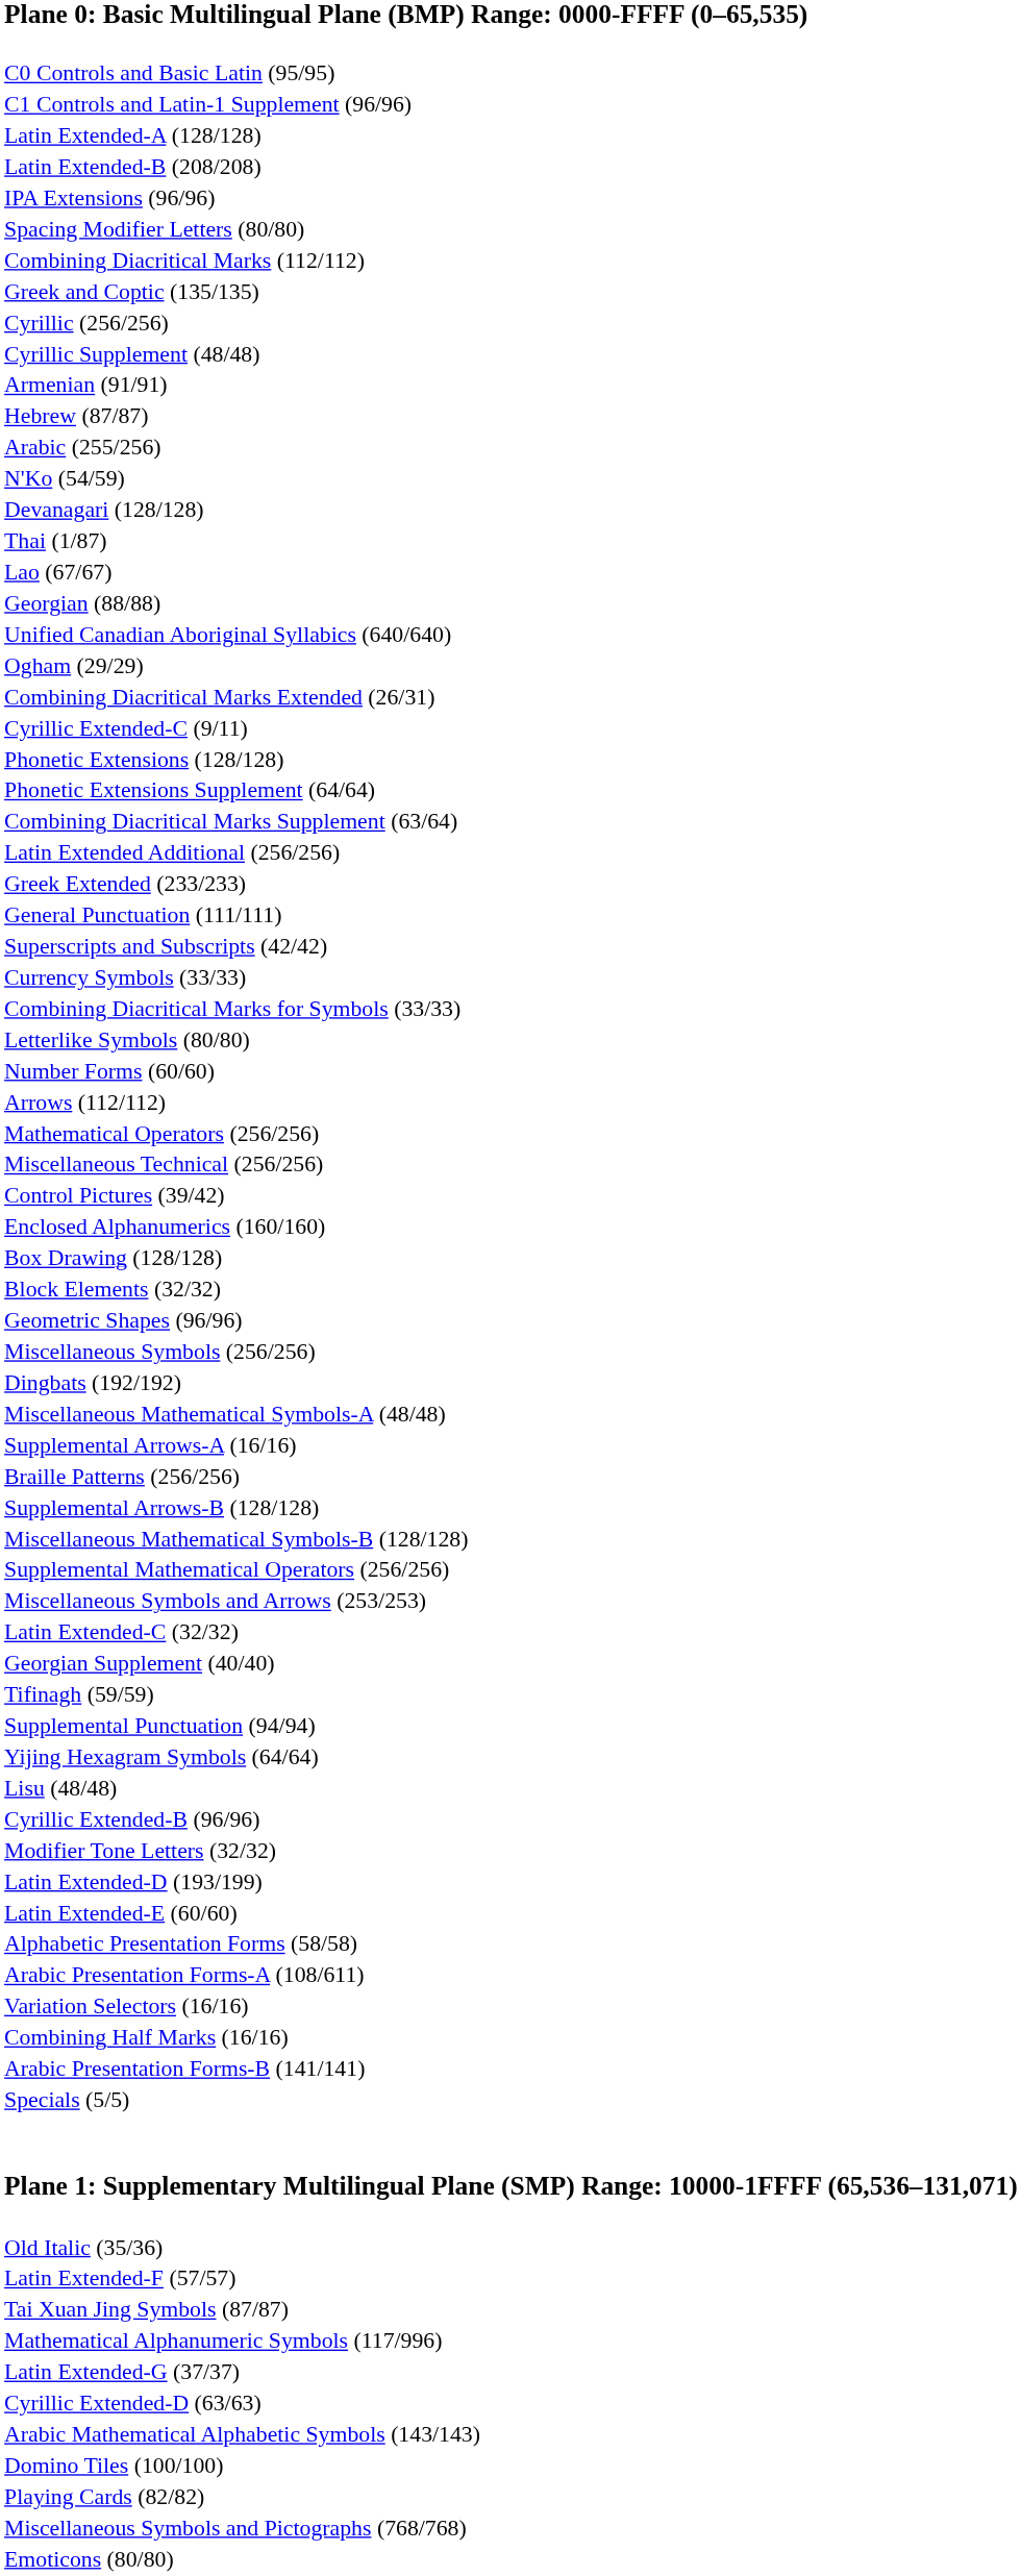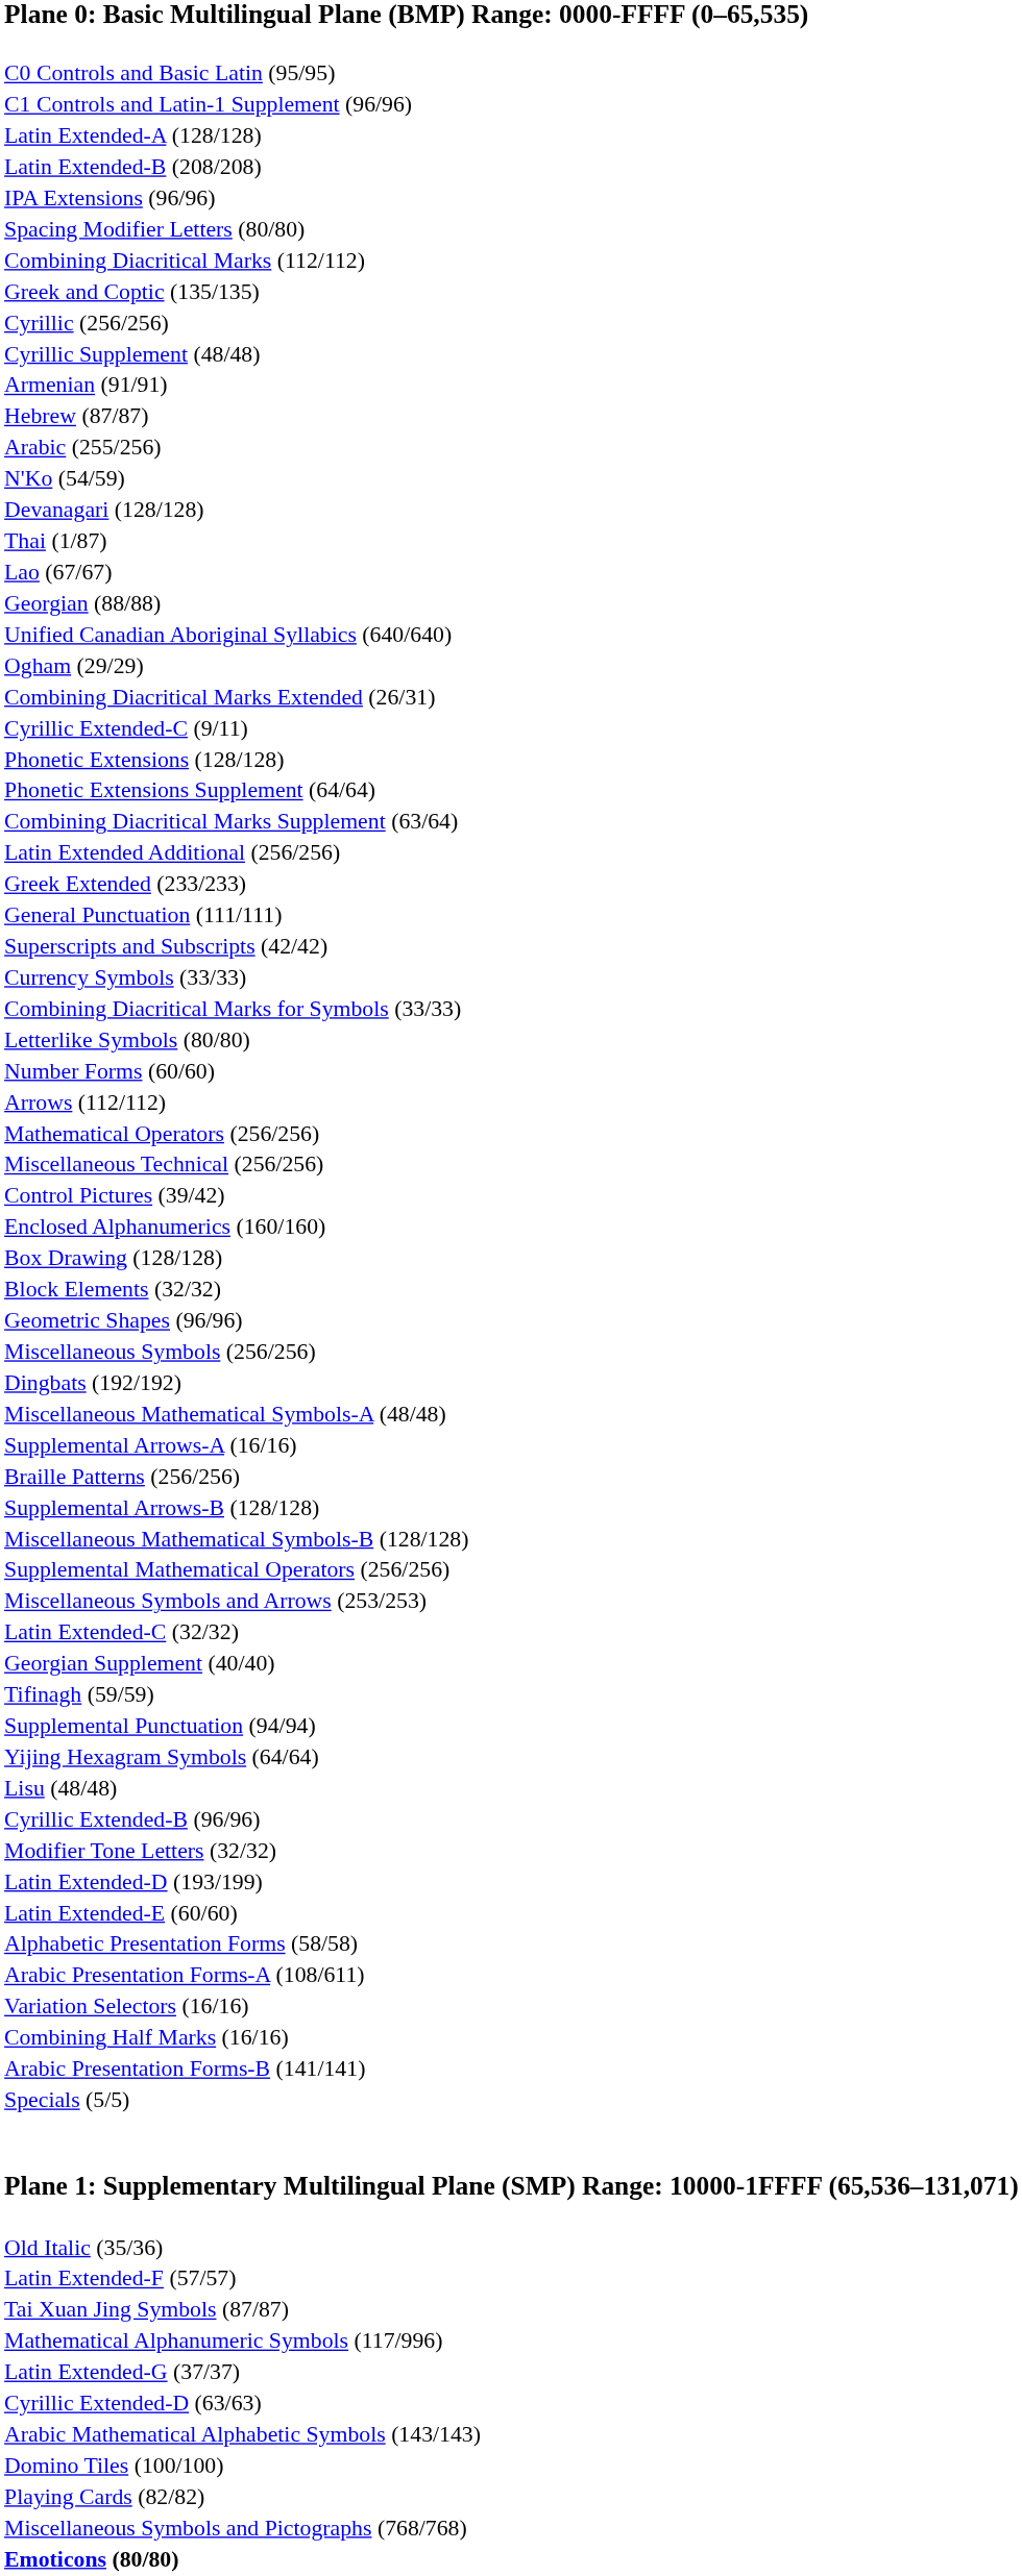 <table>
 <tr>
 <td colspan=3><br><h3>Plane 0: Basic Multilingual Plane (BMP) Range: 0000-FFFF (0–65,535)</h3></td>
 </tr>
 <tr>
 <td><a href='#'>C0 Controls and Basic Latin</a> (95/95)</td>
 <td style='text-align:right'></td>
 </tr>
 <tr>
 <td><a href='#'>C1 Controls and Latin-1 Supplement</a> (96/96)</td>
 <td style='text-align:right'></td>
 </tr>
 <tr>
 <td><a href='#'>Latin Extended-A</a> (128/128)</td>
 <td style='text-align:right'></td>
 </tr>
 <tr>
 <td><a href='#'>Latin Extended-B</a> (208/208)</td>
 <td style='text-align:right'></td>
 </tr>
 <tr>
 <td><a href='#'>IPA Extensions</a> (96/96)</td>
 <td style='text-align:right'></td>
 </tr>
 <tr>
 <td><a href='#'>Spacing Modifier Letters</a> (80/80)</td>
 <td style='text-align:right'></td>
 </tr>
 <tr>
 <td><a href='#'>Combining Diacritical Marks</a> (112/112)</td>
 <td style='text-align:right'></td>
 </tr>
 <tr>
 <td><a href='#'>Greek and Coptic</a> (135/135)</td>
 <td style='text-align:right'></td>
 </tr>
 <tr>
 <td><a href='#'>Cyrillic</a> (256/256)</td>
 <td style='text-align:right'></td>
 </tr>
 <tr>
 <td><a href='#'>Cyrillic Supplement</a> (48/48)</td>
 <td style='text-align:right'></td>
 </tr>
 <tr>
 <td><a href='#'>Armenian</a> (91/91)</td>
 <td style='text-align:right'></td>
 </tr>
 <tr>
 <td><a href='#'>Hebrew</a> (87/87)</td>
 <td style='text-align:right'></td>
 </tr>
 <tr>
 <td><a href='#'>Arabic</a> (255/256)</td>
 <td style='text-align:right'></td>
 </tr>
 <tr>
 <td><a href='#'>N'Ko</a> (54/59)</td>
 <td style='text-align:right'></td>
 </tr>
 <tr>
 <td><a href='#'>Devanagari</a> (128/128)</td>
 <td style='text-align:right'></td>
 </tr>
 <tr>
 <td><a href='#'>Thai</a> (1/87)</td>
 <td style='text-align:right'></td>
 </tr>
 <tr>
 <td><a href='#'>Lao</a> (67/67)</td>
 <td style='text-align:right'></td>
 </tr>
 <tr>
 <td><a href='#'>Georgian</a> (88/88)</td>
 <td style='text-align:right'></td>
 </tr>
 <tr>
 <td><a href='#'>Unified Canadian Aboriginal Syllabics</a> (640/640)</td>
 <td style='text-align:right'></td>
 </tr>
 <tr>
 <td><a href='#'>Ogham</a> (29/29)</td>
 <td style='text-align:right'></td>
 </tr>
 <tr>
 <td><a href='#'>Combining Diacritical Marks Extended</a> (26/31)</td>
 <td style='text-align:right'></td>
 </tr>
 <tr>
 <td><a href='#'>Cyrillic Extended-C</a> (9/11)</td>
 <td style='text-align:right'></td>
 </tr>
 <tr>
 <td><a href='#'>Phonetic Extensions</a> (128/128)</td>
 <td style='text-align:right'></td>
 </tr>
 <tr>
 <td><a href='#'>Phonetic Extensions Supplement</a> (64/64)</td>
 <td style='text-align:right'></td>
 </tr>
 <tr>
 <td><a href='#'>Combining Diacritical Marks Supplement</a> (63/64)</td>
 <td style='text-align:right'></td>
 </tr>
 <tr>
 <td><a href='#'>Latin Extended Additional</a> (256/256)</td>
 <td style='text-align:right'></td>
 </tr>
 <tr>
 <td><a href='#'>Greek Extended</a> (233/233)</td>
 <td style='text-align:right'></td>
 </tr>
 <tr>
 <td><a href='#'>General Punctuation</a> (111/111)</td>
 <td style='text-align:right'></td>
 </tr>
 <tr>
 <td><a href='#'>Superscripts and Subscripts</a> (42/42)</td>
 <td style='text-align:right'></td>
 </tr>
 <tr>
 <td><a href='#'>Currency Symbols</a> (33/33)</td>
 <td style='text-align:right'></td>
 </tr>
 <tr>
 <td><a href='#'>Combining Diacritical Marks for Symbols</a> (33/33)</td>
 <td style='text-align:right'></td>
 </tr>
 <tr>
 <td><a href='#'>Letterlike Symbols</a> (80/80)</td>
 <td style='text-align:right'></td>
 </tr>
 <tr>
 <td><a href='#'>Number Forms</a> (60/60)</td>
 <td style='text-align:right'></td>
 </tr>
 <tr>
 <td><a href='#'>Arrows</a> (112/112)</td>
 <td style='text-align:right'></td>
 </tr>
 <tr>
 <td><a href='#'>Mathematical Operators</a> (256/256)</td>
 <td style='text-align:right'></td>
 </tr>
 <tr>
 <td><a href='#'>Miscellaneous Technical</a> (256/256)</td>
 <td style='text-align:right'></td>
 </tr>
 <tr>
 <td><a href='#'>Control Pictures</a> (39/42)</td>
 <td style='text-align:right'></td>
 </tr>
 <tr>
 <td><a href='#'>Enclosed Alphanumerics</a> (160/160)</td>
 <td style='text-align:right'></td>
 </tr>
 <tr>
 <td><a href='#'>Box Drawing</a> (128/128)</td>
 <td style='text-align:right'></td>
 </tr>
 <tr>
 <td><a href='#'>Block Elements</a> (32/32)</td>
 <td style='text-align:right'></td>
 </tr>
 <tr>
 <td><a href='#'>Geometric Shapes</a> (96/96)</td>
 <td style='text-align:right'></td>
 </tr>
 <tr>
 <td><a href='#'>Miscellaneous Symbols</a> (256/256)</td>
 <td style='text-align:right'></td>
 </tr>
 <tr>
 <td><a href='#'>Dingbats</a> (192/192)</td>
 <td style='text-align:right'></td>
 </tr>
 <tr>
 <td><a href='#'>Miscellaneous Mathematical Symbols-A</a> (48/48)</td>
 <td style='text-align:right'></td>
 </tr>
 <tr>
 <td><a href='#'>Supplemental Arrows-A</a> (16/16)</td>
 <td style='text-align:right'></td>
 </tr>
 <tr>
 <td><a href='#'>Braille Patterns</a> (256/256)</td>
 <td style='text-align:right'></td>
 </tr>
 <tr>
 <td><a href='#'>Supplemental Arrows-B</a> (128/128)</td>
 <td style='text-align:right'></td>
 </tr>
 <tr>
 <td><a href='#'>Miscellaneous Mathematical Symbols-B</a> (128/128)</td>
 <td style='text-align:right'></td>
 </tr>
 <tr>
 <td><a href='#'>Supplemental Mathematical Operators</a> (256/256)</td>
 <td style='text-align:right'></td>
 </tr>
 <tr>
 <td><a href='#'>Miscellaneous Symbols and Arrows</a> (253/253)</td>
 <td style='text-align:right'></td>
 </tr>
 <tr>
 <td><a href='#'>Latin Extended-C</a> (32/32)</td>
 <td style='text-align:right'></td>
 </tr>
 <tr>
 <td><a href='#'>Georgian Supplement</a> (40/40)</td>
 <td style='text-align:right'></td>
 </tr>
 <tr>
 <td><a href='#'>Tifinagh</a> (59/59)</td>
 <td style='text-align:right'></td>
 </tr>
 <tr>
 <td><a href='#'>Supplemental Punctuation</a> (94/94)</td>
 <td style='text-align:right'></td>
 </tr>
 <tr>
 <td><a href='#'>Yijing Hexagram Symbols</a> (64/64)</td>
 <td style='text-align:right'></td>
 </tr>
 <tr>
 <td><a href='#'>Lisu</a> (48/48)</td>
 <td style='text-align:right'></td>
 </tr>
 <tr>
 <td><a href='#'>Cyrillic Extended-B</a> (96/96)</td>
 <td style='text-align:right'></td>
 </tr>
 <tr>
 <td><a href='#'>Modifier Tone Letters</a> (32/32)</td>
 <td style='text-align:right'></td>
 </tr>
 <tr>
 <td><a href='#'>Latin Extended-D</a> (193/199)</td>
 <td style='text-align:right'></td>
 </tr>
 <tr>
 <td><a href='#'>Latin Extended-E</a> (60/60)</td>
 <td style='text-align:right'></td>
 </tr>
 <tr>
 <td><a href='#'>Alphabetic Presentation Forms</a> (58/58)</td>
 <td style='text-align:right'></td>
 </tr>
 <tr>
 <td><a href='#'>Arabic Presentation Forms-A</a> (108/611)</td>
 <td style='text-align:right'></td>
 </tr>
 <tr>
 <td><a href='#'>Variation Selectors</a> (16/16)</td>
 <td style='text-align:right'></td>
 </tr>
 <tr>
 <td><a href='#'>Combining Half Marks</a> (16/16)</td>
 <td style='text-align:right'></td>
 </tr>
 <tr>
 <td><a href='#'>Arabic Presentation Forms-B</a> (141/141)</td>
 <td style='text-align:right'></td>
 </tr>
 <tr>
 <td><a href='#'>Specials</a> (5/5)</td>
 <td style='text-align:right'></td>
 </tr>
 <tr>
 <td colspan=3><br><h3>Plane 1: Supplementary Multilingual Plane (SMP) Range: 10000-1FFFF (65,536–131,071)</h3></td>
 </tr>
 <tr>
 <td><a href='#'>Old Italic</a> (35/36)</td>
 <td style='text-align:right'></td>
 </tr>
 <tr>
 <td><a href='#'>Latin Extended-F</a> (57/57)</td>
 <td style='text-align:right'></td>
 </tr>
 <tr>
 <td><a href='#'>Tai Xuan Jing Symbols</a> (87/87)</td>
 <td style='text-align:right'></td>
 </tr>
 <tr>
 <td><a href='#'>Mathematical Alphanumeric Symbols</a> (117/996)</td>
 <td style='text-align:right'></td>
 </tr>
 <tr>
 <td><a href='#'>Latin Extended-G</a> (37/37)</td>
 <td style='text-align:right'></td>
 </tr>
 <tr>
 <td><a href='#'>Cyrillic Extended-D</a> (63/63)</td>
 <td style='text-align:right'></td>
 </tr>
 <tr>
 <td><a href='#'>Arabic Mathematical Alphabetic Symbols</a> (143/143)</td>
 <td style='text-align:right'></td>
 </tr>
 <tr>
 <td><a href='#'>Domino Tiles</a> (100/100)</td>
 <td style='text-align:right'></td>
 </tr>
 <tr>
 <td><a href='#'>Playing Cards</a> (82/82)</td>
 <td style='text-align:right'></td>
 </tr>
 <tr>
 <td><a href='#'>Miscellaneous Symbols and Pictographs</a> (768/768)</td>
 <td style='text-align:right'></td>
 </tr>
 <tr>
-<td><a href='#'>Emoticons</a> (80/80)</td>
+<td><strong><a href='#'>Emoticons</a> (80/80)</strong></td>
 <td style='text-align:right'></td>
 </tr>
 </table>
